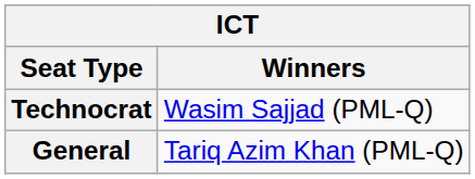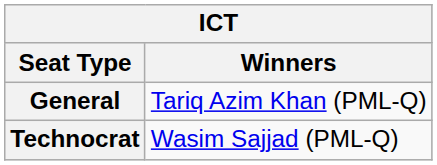 <table class="wikitable">
 <tr>
 <th colspan="2">ICT</th>
 </tr>
 <tr>
 <th>Seat Type</th>
 <th>Winners</th>
 </tr>
 <tr>
+<th>General</th>
+<td style="background:"><a href='#'>Tariq Azim Khan</a> (PML-Q)</td>
+</tr>
+<tr>
 <th>Technocrat</th>
 <td style="background:"><a href='#'>Wasim Sajjad</a> (PML-Q)</td>
 </tr>
-<tr>
-<th>General</th>
-<td style="background:"><a href='#'>Tariq Azim Khan</a> (PML-Q)</td>
-</tr>
 </table>
